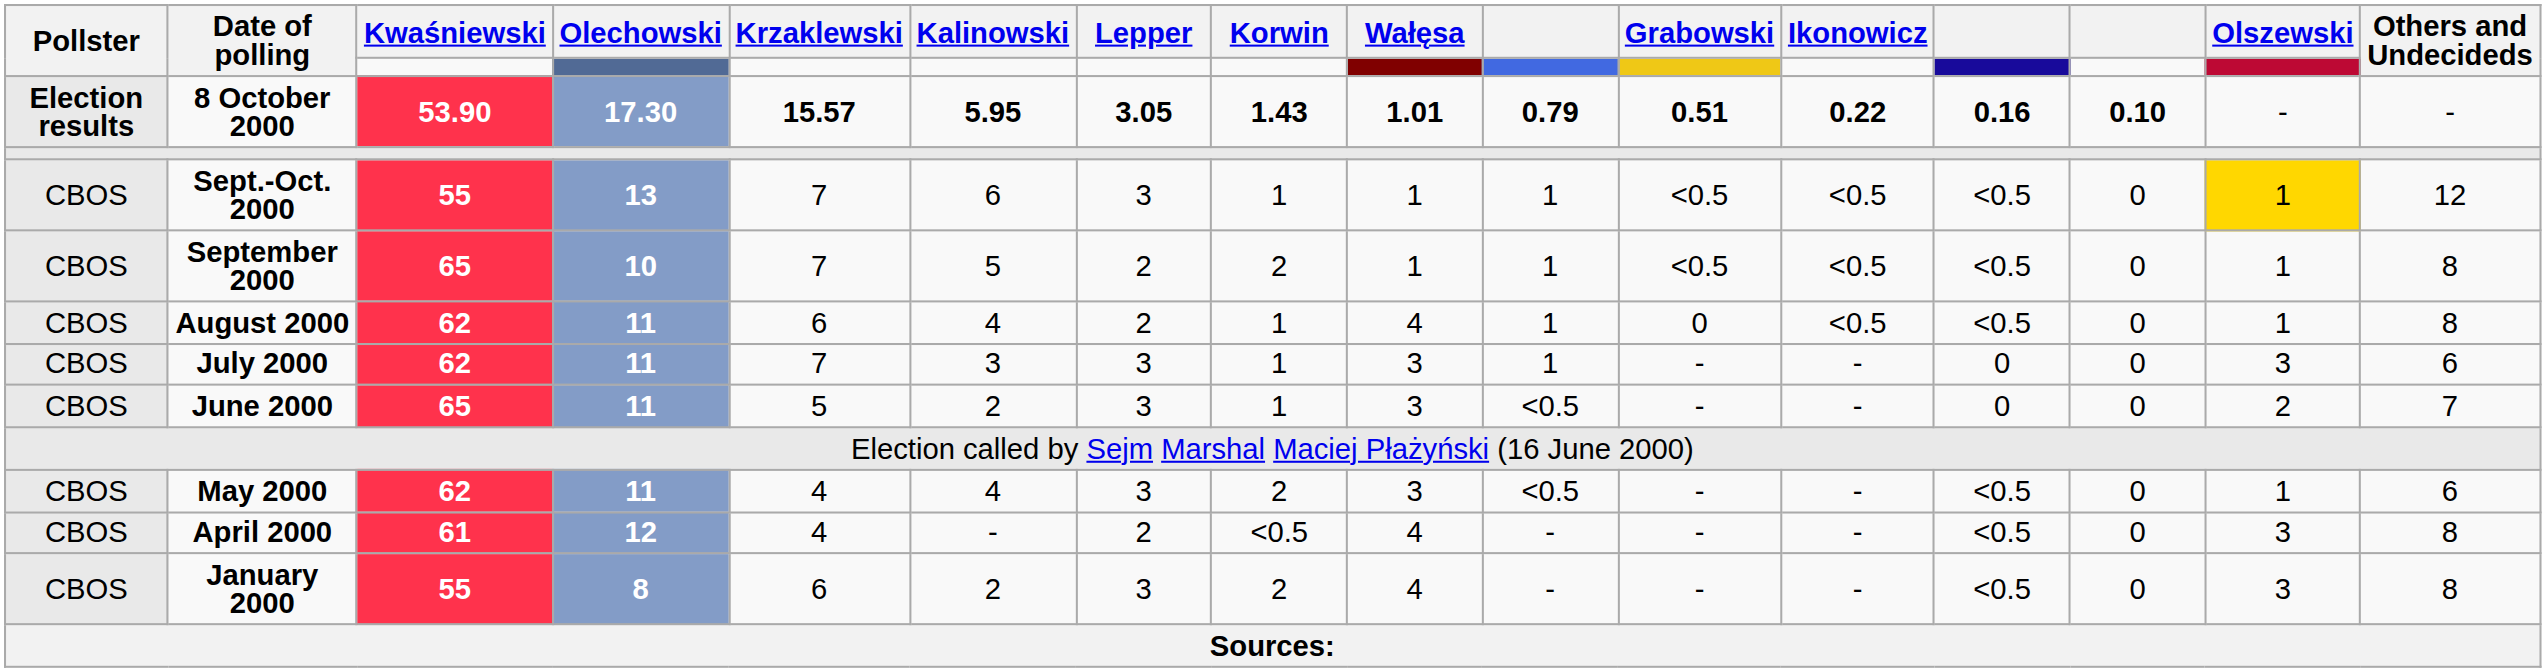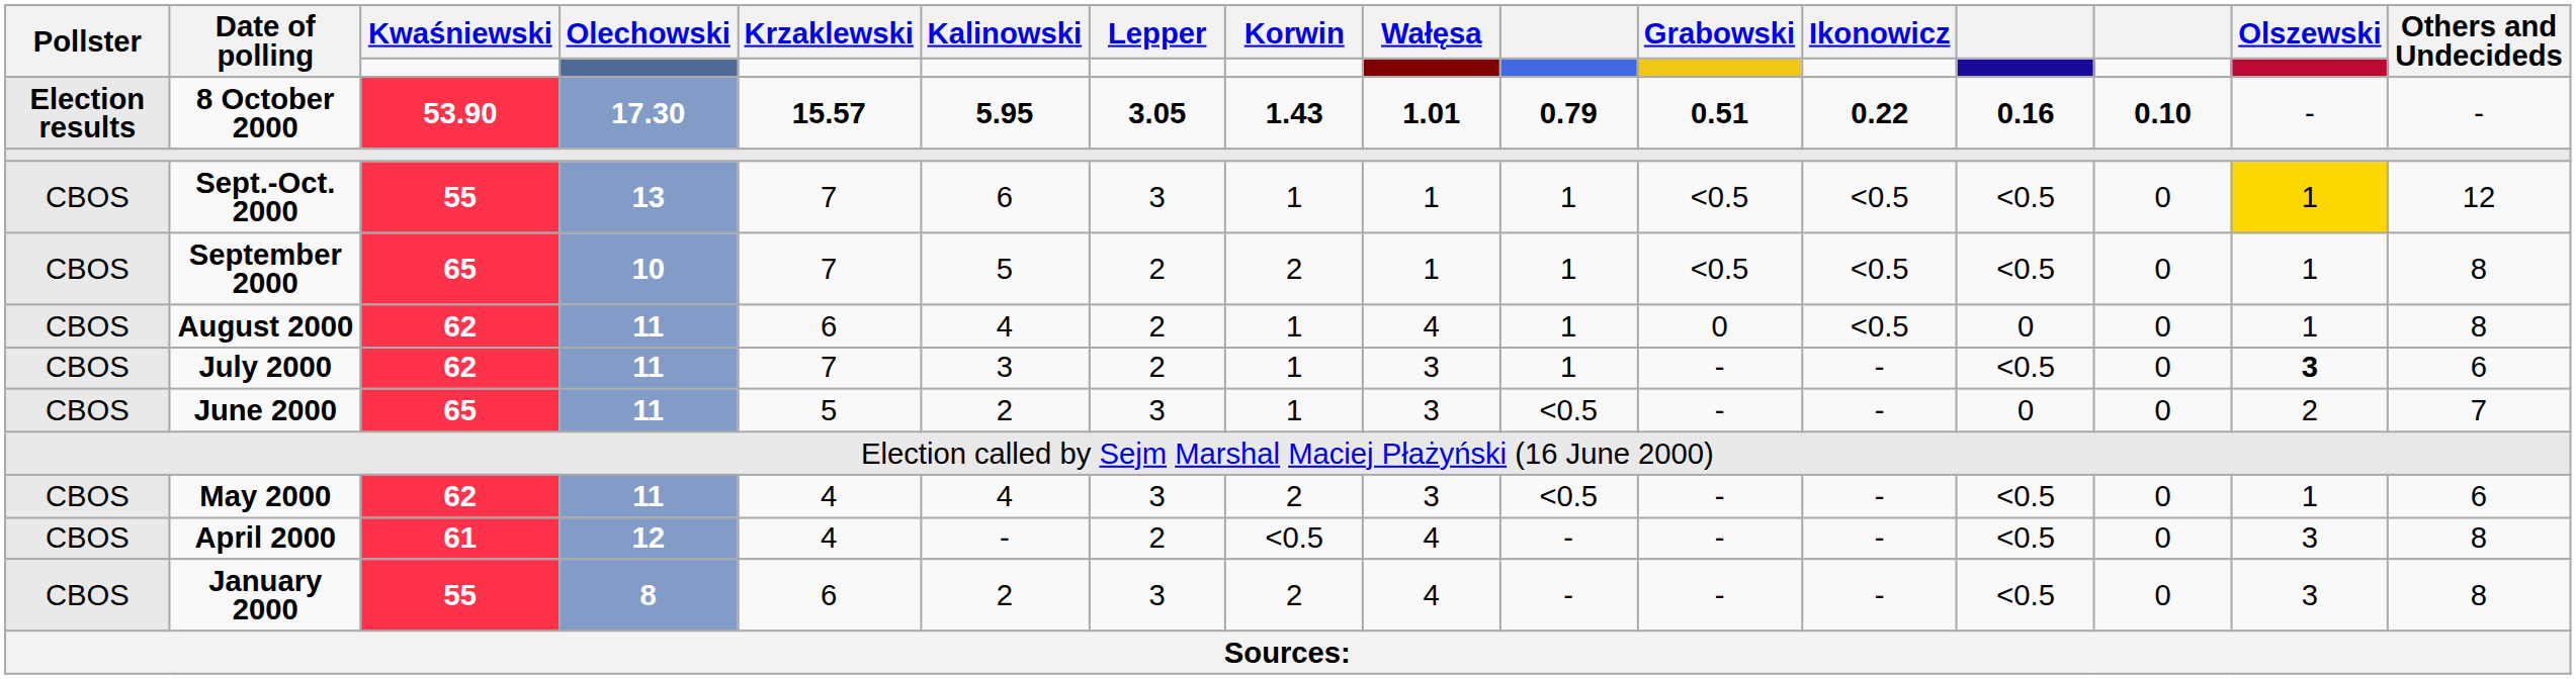 <table class="wikitable" style="text-align:center; font-size:90%; line-height:14px;">
 <tr>
 <th rowspan="2">Pollster</th>
 <th rowspan="2">Date of polling</th>
 <th style="width:60px;"><a href='#'>Kwaśniewski</a><br></th>
 <th style="width:60px;"><a href='#'>Olechowski</a><br></th>
 <th style="width:60px;"><a href='#'>Krzaklewski</a><br></th>
 <th style="width:60px;"><a href='#'>Kalinowski</a><br></th>
 <th style="width:60px;"><a href='#'>Lepper</a><br></th>
 <th style="width:60px;"><a href='#'>Korwin</a><br></th>
 <th style="width:60px;"><a href='#'>Wałęsa</a><br></th>
 <th style="width:60px;"><br></th>
 <th style="width:60px;"><a href='#'>Grabowski</a><br></th>
 <th style="width:60px;"><a href='#'>Ikonowicz</a><br></th>
 <th style="width:60px;"><br></th>
 <th style="width:60px;"><br></th>
 <th style="width:60px;"><a href='#'>Olszewski</a><br></th>
 <th rowspan="2">Others and<br>Undecideds</th>
 </tr>
 <tr>
 <td style="background:"></td>
 <td style="background:#516A95;"></td>
 <td style="background:"></td>
 <td style="background:"></td>
 <td style="background:"></td>
 <td style="background:"></td>
 <td style="background:#800000;"></td>
 <td style="background:#4169E1;"></td>
 <td style="background:#EFC816;"></td>
 <td style="background:"></td>
 <td style="background:#180A9B;"></td>
 <td style="background:"></td>
 <td style="background:#BD0934;"></td>
 </tr>
 <tr>
 <td style="background-color:#E9E9E9"><strong>Election results</strong></td>
 <td><strong>8 October 2000</strong></td>
 <td style="background:#FF324C; color:white;"><strong>53.90</strong></td>
 <td style="background:#839CC7; color:white;"><strong>17.30</strong></td>
 <td><strong>15.57</strong></td>
 <td><strong>5.95</strong></td>
 <td><strong>3.05</strong></td>
 <td><strong>1.43</strong></td>
 <td><strong>1.01</strong></td>
 <td><strong>0.79</strong></td>
 <td><strong>0.51</strong></td>
 <td><strong>0.22</strong></td>
 <td><strong>0.16</strong></td>
 <td><strong>0.10</strong></td>
 <td>-</td>
 <td>-</td>
 </tr>
 <tr>
 <td colspan="16" style="background-color:#E9E9E9"></td>
 </tr>
 <tr>
 <td style="background-color:#E9E9E9">CBOS</td>
 <td><strong>Sept.-Oct. 2000</strong></td>
 <td style="background:#FF324C; color:white;"><strong>55</strong></td>
 <td style="background:#839CC7; color:white;"><strong>13</strong></td>
 <td>7</td>
 <td>6</td>
 <td>3</td>
 <td>1</td>
 <td>1</td>
 <td>1</td>
 <td><0.5</td>
 <td><0.5</td>
 <td><0.5</td>
 <td>0</td>
 <td style="background: gold;">1</td>
 <td>12</td>
 </tr>
 <tr>
 <td style="background-color:#E9E9E9">CBOS</td>
 <td><strong>September 2000</strong></td>
 <td style="background:#FF324C; color:white;"><strong>65</strong></td>
 <td style="background:#839CC7; color:white;"><strong>10</strong></td>
 <td>7</td>
 <td>5</td>
 <td>2</td>
 <td>2</td>
 <td>1</td>
 <td>1</td>
 <td><0.5</td>
 <td><0.5</td>
 <td><0.5</td>
 <td>0</td>
 <td>1</td>
 <td>8</td>
 </tr>
 <tr>
 <td style="background-color:#E9E9E9">CBOS</td>
 <td><strong>August 2000</strong></td>
 <td style="background:#FF324C; color:white;"><strong>62</strong></td>
 <td style="background:#839CC7; color:white;"><strong>11</strong></td>
 <td>6</td>
 <td>4</td>
 <td>2</td>
 <td>1</td>
 <td>4</td>
 <td>1</td>
 <td>0</td>
 <td><0.5</td>
-<td><0.5</td>
+<td>0</td>
 <td>0</td>
 <td>1</td>
 <td>8</td>
 </tr>
 <tr>
 <td style="background-color:#E9E9E9">CBOS</td>
 <td><strong>July 2000</strong></td>
 <td style="background:#FF324C; color:white;"><strong>62</strong></td>
 <td style="background:#839CC7; color:white;"><strong>11</strong></td>
 <td>7</td>
 <td>3</td>
-<td>3</td>
+<td>2</td>
 <td>1</td>
 <td>3</td>
 <td>1</td>
 <td>-</td>
 <td>-</td>
+<td><0.5</td>
 <td>0</td>
-<td>0</td>
-<td>3</td>
+<td><strong>3</strong></td>
 <td>6</td>
 </tr>
 <tr>
 <td style="background-color:#E9E9E9">CBOS</td>
 <td><strong>June 2000</strong></td>
 <td style="background:#FF324C; color:white;"><strong>65</strong></td>
 <td style="background:#839CC7; color:white;"><strong>11</strong></td>
 <td>5</td>
 <td>2</td>
 <td>3</td>
 <td>1</td>
 <td>3</td>
 <td><0.5</td>
 <td>-</td>
 <td>-</td>
 <td>0</td>
 <td>0</td>
 <td>2</td>
 <td>7</td>
 </tr>
 <tr>
 <td colspan="16" style="background-color:#E9E9E9">Election called by <a href='#'>Sejm</a> <a href='#'>Marshal</a> <a href='#'>Maciej Płażyński</a> (16 June 2000)</td>
 </tr>
 <tr>
 <td style="background-color:#E9E9E9">CBOS</td>
 <td><strong>May 2000</strong></td>
 <td style="background:#FF324C; color:white;"><strong>62</strong></td>
 <td style="background:#839CC7; color:white;"><strong>11</strong></td>
 <td>4</td>
 <td>4</td>
 <td>3</td>
 <td>2</td>
 <td>3</td>
 <td><0.5</td>
 <td>-</td>
 <td>-</td>
 <td><0.5</td>
 <td>0</td>
 <td>1</td>
 <td>6</td>
 </tr>
 <tr>
 <td style="background-color:#E9E9E9">CBOS</td>
 <td><strong>April 2000</strong></td>
 <td style="background:#FF324C; color:white;"><strong>61</strong></td>
 <td style="background:#839CC7; color:white;"><strong>12</strong></td>
 <td>4</td>
 <td>-</td>
 <td>2</td>
 <td><0.5</td>
 <td>4</td>
 <td>-</td>
 <td>-</td>
 <td>-</td>
 <td><0.5</td>
 <td>0</td>
 <td>3</td>
 <td>8</td>
 </tr>
 <tr>
 <td style="background-color:#E9E9E9">CBOS</td>
 <td><strong>January 2000</strong></td>
 <td style="background:#FF324C; color:white;"><strong>55</strong></td>
 <td style="background:#839CC7; color:white;"><strong>8</strong></td>
 <td>6</td>
 <td>2</td>
 <td>3</td>
 <td>2</td>
 <td>4</td>
 <td>-</td>
 <td>-</td>
 <td>-</td>
 <td><0.5</td>
 <td>0</td>
 <td>3</td>
 <td>8</td>
 </tr>
 <tr>
 <th colspan=16>Sources: </th>
 </tr>
 </table>
